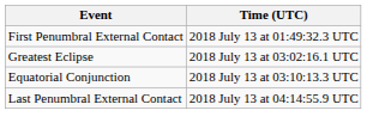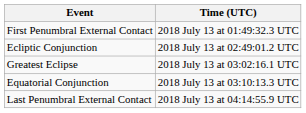 <table class="wikitable">
 <tr>
 <th>Event</th>
 <th>Time (UTC)</th>
 </tr>
 <tr>
 <td>First Penumbral External Contact</td>
 <td>2018 July 13 at 01:49:32.3 UTC</td>
+</tr>
+<tr>
+<td>Ecliptic Conjunction</td>
+<td>2018 July 13 at 02:49:01.2 UTC</td>
 </tr>
 <tr>
 <td>Greatest Eclipse</td>
 <td>2018 July 13 at 03:02:16.1 UTC</td>
 </tr>
 <tr>
 <td>Equatorial Conjunction</td>
 <td>2018 July 13 at 03:10:13.3 UTC</td>
 </tr>
 <tr>
 <td>Last Penumbral External Contact</td>
 <td>2018 July 13 at 04:14:55.9 UTC</td>
 </tr>
 </table>
